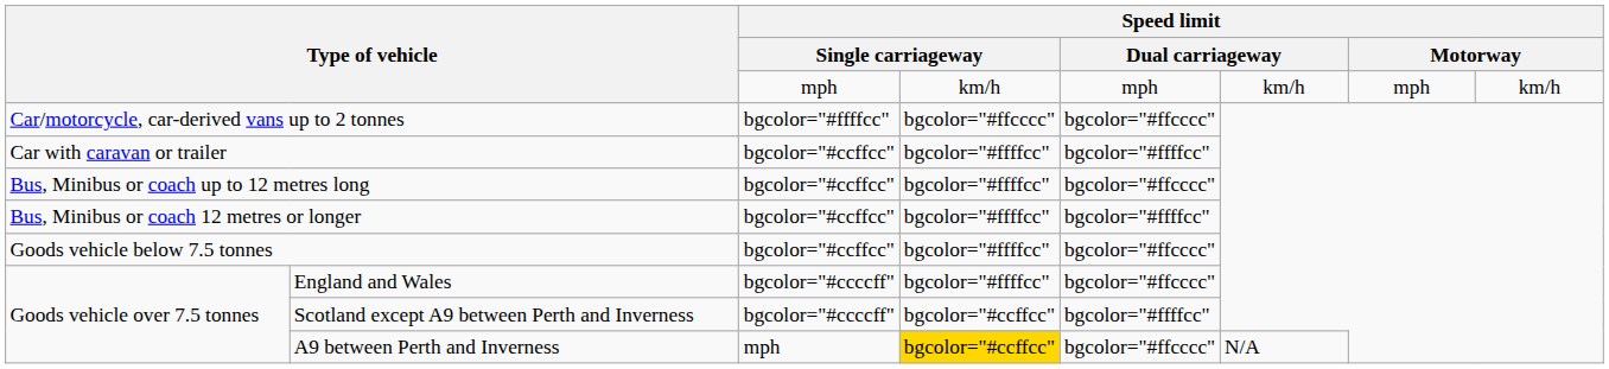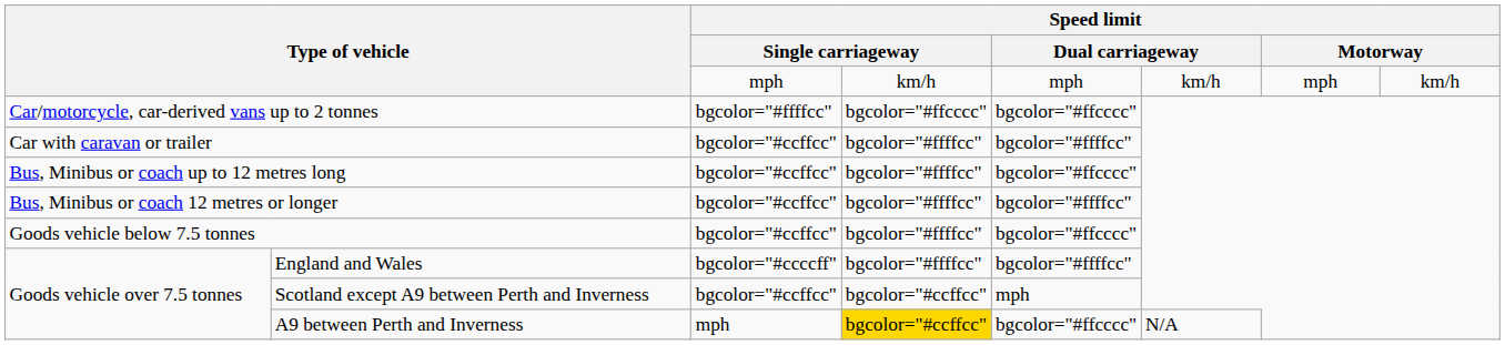 <table class="wikitable">
 <tr>
 <th rowspan="3" colspan=2>Type of vehicle</th>
 <th colspan=6>Speed limit</th>
 </tr>
 <tr>
 <th colspan=2>Single carriageway</th>
 <th colspan=2>Dual carriageway</th>
 <th colspan=2>Motorway</th>
 </tr>
 <tr style="text-align:center;">
 <td style="width:8%; ">mph</td>
 <td style="width:8%; ">km/h</td>
 <td style="width:8%; ">mph</td>
 <td style="width:8%; ">km/h</td>
 <td style="width:8%; ">mph</td>
 <td style="width:8%; ">km/h</td>
 </tr>
 <tr>
 <td colspan=2><a href='#'>Car</a>/<a href='#'>motorcycle</a>, car-derived <a href='#'>vans</a> up to 2 tonnes</td>
 <td>bgcolor="#ffffcc" </td>
 <td>bgcolor="#ffcccc" </td>
 <td>bgcolor="#ffcccc" </td>
 </tr>
 <tr>
 <td colspan=2>Car with <a href='#'>caravan</a> or trailer</td>
 <td>bgcolor="#ccffcc" </td>
 <td>bgcolor="#ffffcc" </td>
 <td>bgcolor="#ffffcc" </td>
 </tr>
 <tr>
 <td colspan=2><a href='#'>Bus</a>, Minibus or <a href='#'>coach</a> up to 12 metres long</td>
 <td>bgcolor="#ccffcc" </td>
 <td>bgcolor="#ffffcc" </td>
 <td>bgcolor="#ffcccc" </td>
 </tr>
 <tr>
 <td colspan="2"><a href='#'>Bus</a>, Minibus or <a href='#'>coach</a> 12 metres or longer</td>
 <td>bgcolor="#ccffcc" </td>
 <td>bgcolor="#ffffcc" </td>
 <td>bgcolor="#ffffcc" </td>
 </tr>
 <tr>
 <td colspan=2>Goods vehicle below 7.5 tonnes</td>
 <td>bgcolor="#ccffcc" </td>
 <td>bgcolor="#ffffcc" </td>
 <td>bgcolor="#ffcccc" </td>
 </tr>
 <tr>
 <td rowspan=3>Goods vehicle over 7.5 tonnes</td>
 <td>England and Wales</td>
 <td>bgcolor="#ccccff" </td>
 <td>bgcolor="#ffffcc" </td>
-<td>bgcolor="#ffcccc" </td>
+<td>bgcolor="#ffffcc" </td>
 </tr>
 <tr>
 <td>Scotland except A9 between Perth and Inverness</td>
-<td>bgcolor="#ccccff" </td>
 <td>bgcolor="#ccffcc" </td>
-<td>bgcolor="#ffffcc" </td>
+<td>bgcolor="#ccffcc" </td>
+<td style="width:8%; ">mph</td>
 </tr>
 <tr>
 <td>A9 between Perth and Inverness</td>
 <td style="width:8%; ">mph</td>
 <td style="background: gold;">bgcolor="#ccffcc" </td>
 <td>bgcolor="#ffcccc" </td>
 <td>N/A</td>
 </tr>
 </table>
